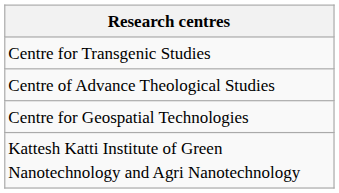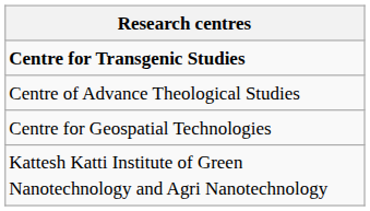 <table class="wikitable sortable toccolours" style="float:right; margin-left:0em; font-size:90%; line-height:1.4em; width:280px;">
 <tr>
 <th colspan="2" style="text-align: center;"><strong>Research centres</strong></th>
 </tr>
 <tr>
-<td>Centre for Transgenic Studies</td>
+<td><strong>Centre for Transgenic Studies</strong></td>
 </tr>
 <tr>
 <td>Centre of Advance Theological Studies</td>
 </tr>
 <tr>
 <td>Centre for Geospatial Technologies</td>
 </tr>
 <tr>
 <td>Kattesh Katti Institute of Green Nanotechnology and Agri Nanotechnology</td>
 </tr>
 </table>
